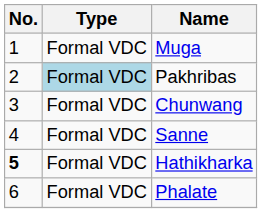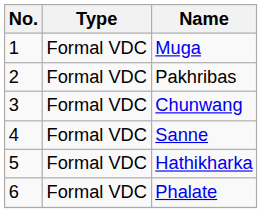 <table class="wikitable">
 <tr>
 <th>No.</th>
 <th>Type</th>
 <th>Name</th>
 </tr>
 <tr>
 <td>1</td>
 <td>Formal VDC</td>
 <td><a href='#'>Muga</a></td>
 </tr>
 <tr>
 <td>2</td>
-<td style="background: lightblue;">Formal VDC</td>
+<td>Formal VDC</td>
 <td>Pakhribas</td>
 </tr>
 <tr>
 <td>3</td>
 <td>Formal VDC</td>
 <td><a href='#'>Chunwang</a></td>
 </tr>
 <tr>
 <td>4</td>
 <td>Formal VDC</td>
 <td><a href='#'>Sanne</a></td>
 </tr>
 <tr>
-<td><strong>5</strong></td>
+<td>5</td>
 <td>Formal VDC</td>
 <td><a href='#'>Hathikharka</a></td>
 </tr>
 <tr>
 <td>6</td>
 <td>Formal VDC</td>
 <td><a href='#'>Phalate</a></td>
 </tr>
 <tr>
 </tr>
 </table>
